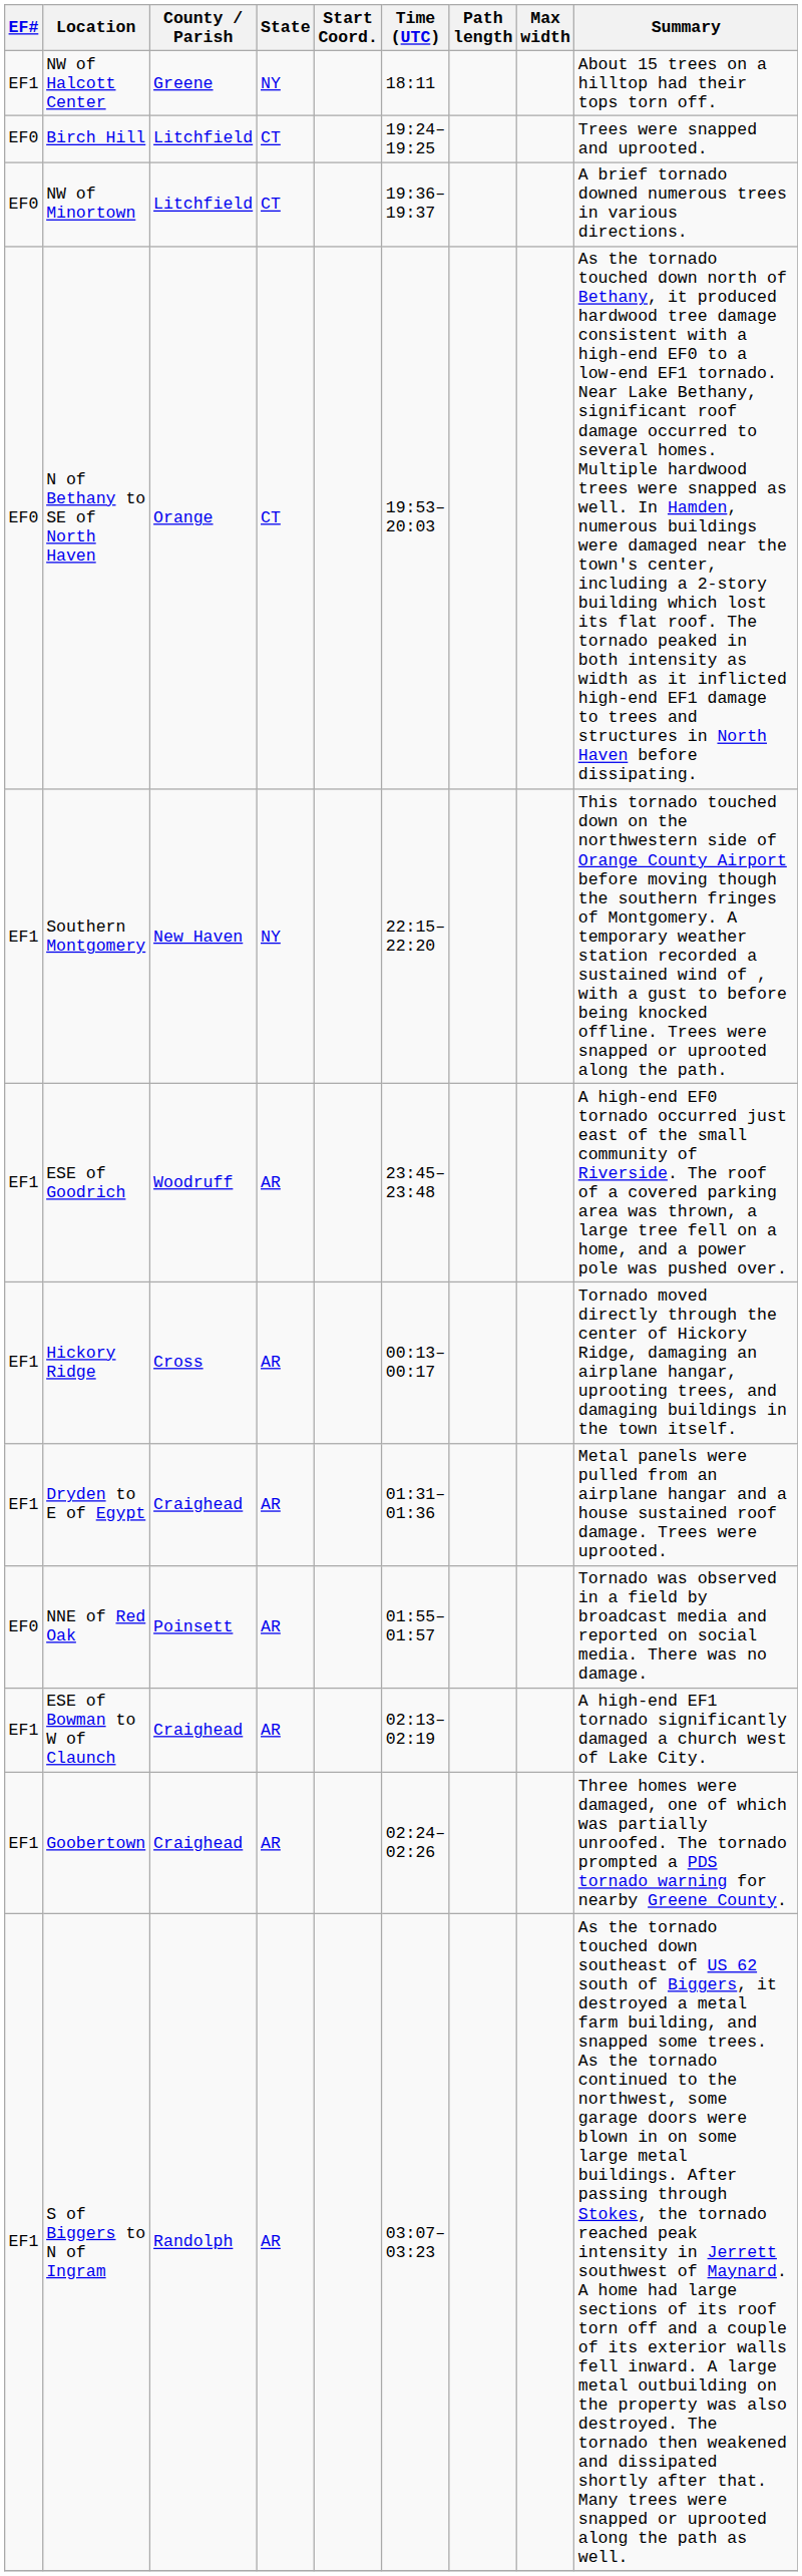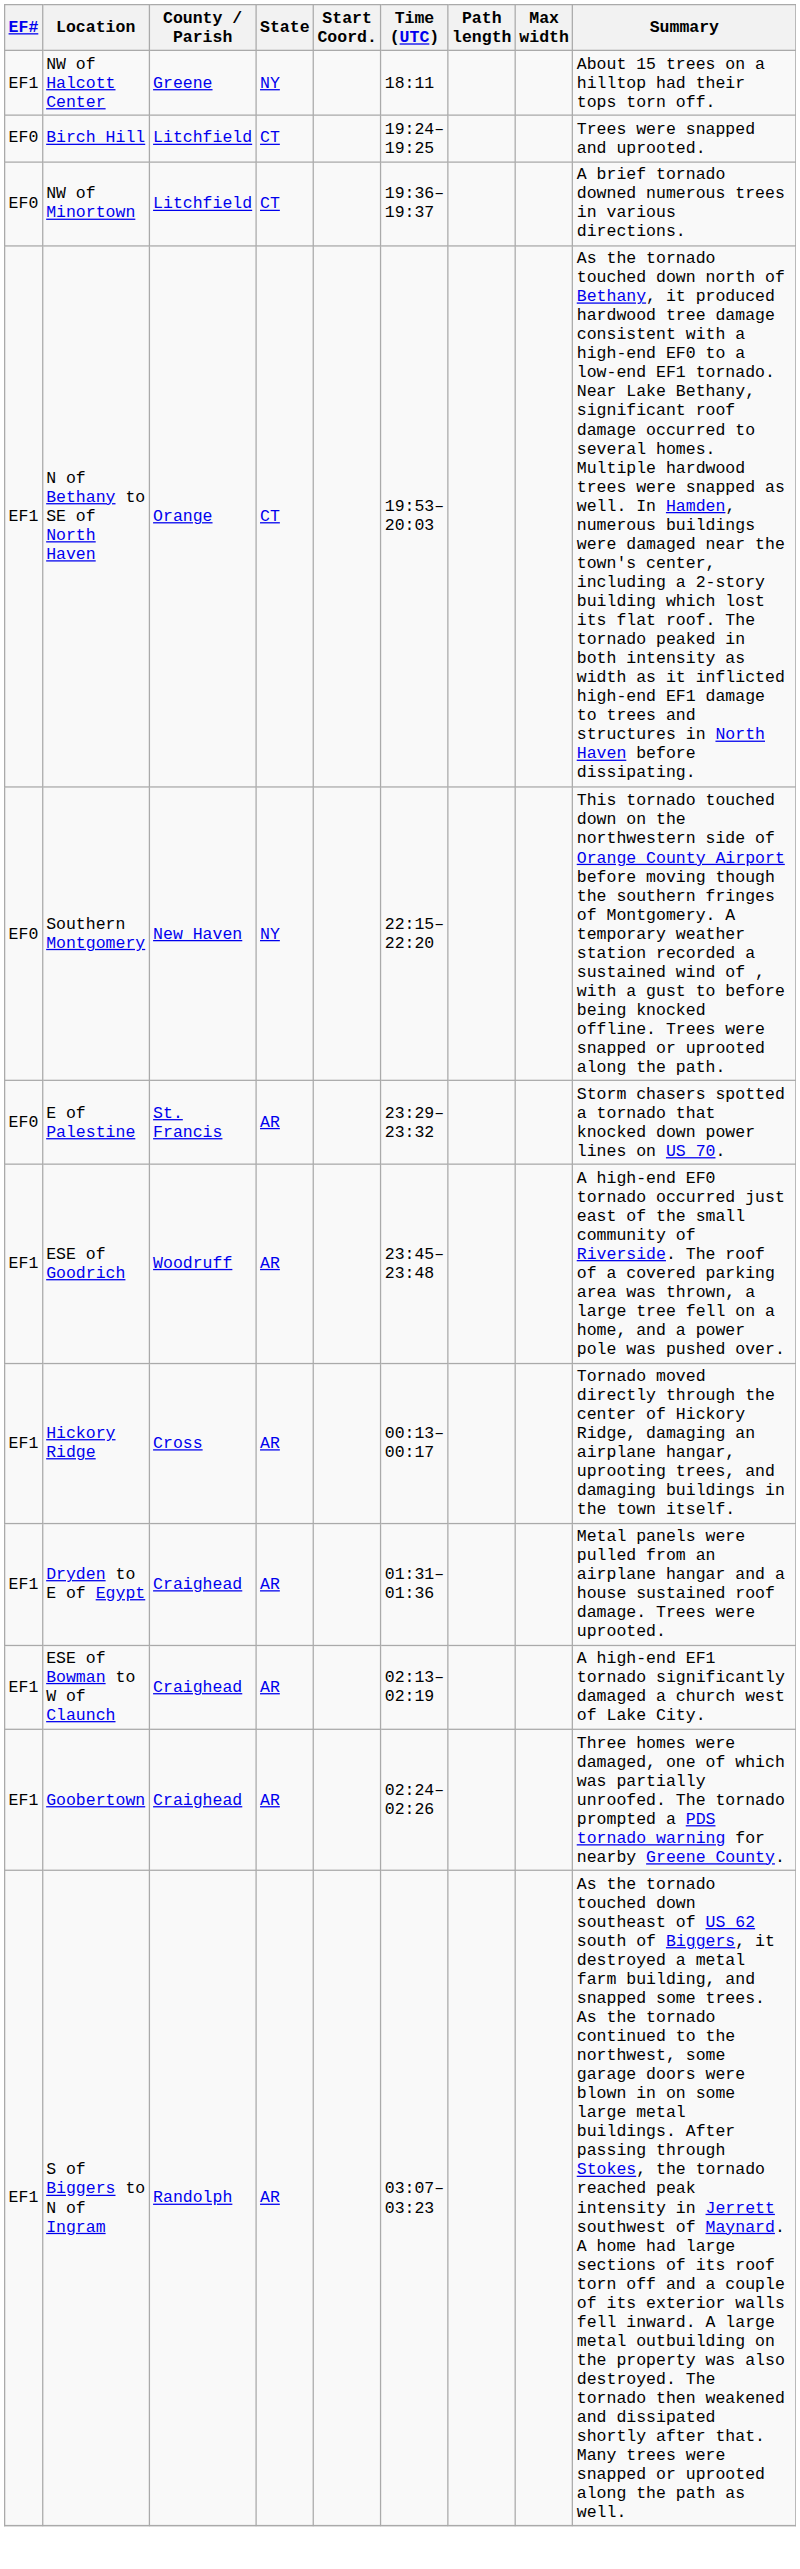 <table class="wikitable sortable" style="width:100%;">
 <tr>
 <th scope="col"  style="width:3%; text-align:center;"><a href='#'>EF#</a></th>
 <th scope="col"  style="width:7%; text-align:center;" class="unsortable">Location</th>
 <th scope="col"  style="width:6%; text-align:center;" class="unsortable">County / Parish</th>
 <th scope="col"  style="width:5%; text-align:center;">State</th>
 <th scope="col"  style="width:6%; text-align:center;">Start Coord.</th>
 <th scope="col"  style="width:6%; text-align:center;">Time (<a href='#'>UTC</a>)</th>
 <th scope="col"  style="width:6%; text-align:center;">Path length</th>
 <th scope="col"  style="width:6%; text-align:center;">Max width</th>
 <th scope="col" class="unsortable" style="width:48%; text-align:center;">Summary</th>
 </tr>
 <tr>
 <td>EF1</td>
 <td>NW of <a href='#'>Halcott Center</a></td>
 <td><a href='#'>Greene</a></td>
 <td><a href='#'>NY</a></td>
 <td></td>
 <td>18:11</td>
 <td></td>
 <td></td>
 <td>About 15 trees on a hilltop had their tops torn off.</td>
 </tr>
 <tr>
 <td>EF0</td>
 <td><a href='#'>Birch Hill</a></td>
 <td><a href='#'>Litchfield</a></td>
 <td><a href='#'>CT</a></td>
 <td></td>
 <td>19:24–19:25</td>
 <td></td>
 <td></td>
 <td>Trees were snapped and uprooted.</td>
 </tr>
 <tr>
 <td>EF0</td>
 <td>NW of <a href='#'>Minortown</a></td>
 <td><a href='#'>Litchfield</a></td>
 <td><a href='#'>CT</a></td>
 <td></td>
 <td>19:36–19:37</td>
 <td></td>
 <td></td>
 <td>A brief tornado downed numerous trees in various directions.</td>
 </tr>
 <tr>
-<td>EF0</td>
+<td>EF1</td>
 <td>N of <a href='#'>Bethany</a> to SE of <a href='#'>North Haven</a></td>
 <td><a href='#'>Orange</a></td>
 <td><a href='#'>CT</a></td>
 <td></td>
 <td>19:53–20:03</td>
 <td></td>
 <td></td>
 <td>As the tornado touched down north of <a href='#'>Bethany</a>, it produced hardwood tree damage consistent with a high-end EF0 to a low-end EF1 tornado. Near Lake Bethany, significant roof damage occurred to several homes. Multiple hardwood trees were snapped as well. In <a href='#'>Hamden</a>, numerous buildings were damaged near the town's center, including a 2-story building which lost its flat roof. The tornado peaked in both intensity as width as it inflicted high-end EF1 damage to trees and structures in <a href='#'>North Haven</a> before dissipating.</td>
 </tr>
 <tr>
-<td>EF1</td>
+<td>EF0</td>
 <td>Southern <a href='#'>Montgomery</a></td>
 <td><a href='#'>New Haven</a></td>
 <td><a href='#'>NY</a></td>
 <td></td>
 <td>22:15–22:20</td>
 <td></td>
 <td></td>
 <td>This tornado touched down on the northwestern side of <a href='#'>Orange County Airport</a> before moving though the southern fringes of Montgomery. A temporary weather station recorded a sustained wind of , with a gust to  before being knocked offline. Trees were snapped or uprooted along the path.</td>
+</tr>
+<tr>
+<td>EF0</td>
+<td>E of <a href='#'>Palestine</a></td>
+<td><a href='#'>St. Francis</a></td>
+<td><a href='#'>AR</a></td>
+<td></td>
+<td>23:29–23:32</td>
+<td></td>
+<td></td>
+<td>Storm chasers spotted a tornado that knocked down power lines on <a href='#'>US 70</a>.</td>
 </tr>
 <tr>
 <td>EF1</td>
 <td>ESE of <a href='#'>Goodrich</a></td>
 <td><a href='#'>Woodruff</a></td>
 <td><a href='#'>AR</a></td>
 <td></td>
 <td>23:45–23:48</td>
 <td></td>
 <td></td>
 <td>A high-end EF0 tornado occurred just east of the small community of <a href='#'>Riverside</a>. The roof of a covered parking area was thrown, a large tree fell on a home, and a power pole was pushed over.</td>
 </tr>
 <tr>
 <td>EF1</td>
 <td><a href='#'>Hickory Ridge</a></td>
 <td><a href='#'>Cross</a></td>
 <td><a href='#'>AR</a></td>
 <td></td>
 <td>00:13–00:17</td>
 <td></td>
 <td></td>
 <td>Tornado moved directly through the center of Hickory Ridge, damaging an airplane hangar, uprooting trees, and damaging buildings in the town itself.</td>
 </tr>
 <tr>
 <td>EF1</td>
 <td><a href='#'>Dryden</a> to E of <a href='#'>Egypt</a></td>
 <td><a href='#'>Craighead</a></td>
 <td><a href='#'>AR</a></td>
 <td></td>
 <td>01:31–01:36</td>
 <td></td>
 <td></td>
 <td>Metal panels were pulled from an airplane hangar and a house sustained roof damage. Trees were uprooted.</td>
-</tr>
-<tr>
-<td>EF0</td>
-<td>NNE of <a href='#'>Red Oak</a></td>
-<td><a href='#'>Poinsett</a></td>
-<td><a href='#'>AR</a></td>
-<td></td>
-<td>01:55–01:57</td>
-<td></td>
-<td></td>
-<td>Tornado was observed in a field by broadcast media and reported on social media. There was no damage.</td>
 </tr>
 <tr>
 <td>EF1</td>
 <td>ESE of <a href='#'>Bowman</a> to W of <a href='#'>Claunch</a></td>
 <td><a href='#'>Craighead</a></td>
 <td><a href='#'>AR</a></td>
 <td></td>
 <td>02:13–02:19</td>
 <td></td>
 <td></td>
 <td>A high-end EF1 tornado significantly damaged a church west of Lake City.</td>
 </tr>
 <tr>
 <td>EF1</td>
 <td><a href='#'>Goobertown</a></td>
 <td><a href='#'>Craighead</a></td>
 <td><a href='#'>AR</a></td>
 <td></td>
 <td>02:24–02:26</td>
 <td></td>
 <td></td>
 <td>Three homes were damaged, one of which was partially unroofed. The tornado prompted a <a href='#'>PDS</a> <a href='#'>tornado warning</a> for nearby <a href='#'>Greene County</a>.</td>
 </tr>
 <tr>
 <td>EF1</td>
 <td>S of <a href='#'>Biggers</a> to N of <a href='#'>Ingram</a></td>
 <td><a href='#'>Randolph</a></td>
 <td><a href='#'>AR</a></td>
 <td></td>
 <td>03:07–03:23</td>
 <td></td>
 <td></td>
 <td>As the tornado touched down southeast of <a href='#'>US 62</a> south of <a href='#'>Biggers</a>, it destroyed a metal farm building, and snapped some trees. As the tornado continued to the northwest, some garage doors were blown in on some large metal buildings. After passing through <a href='#'>Stokes</a>, the tornado reached peak intensity in <a href='#'>Jerrett</a> southwest of <a href='#'>Maynard</a>. A home had large sections of its roof torn off and a couple of its exterior walls fell inward. A large metal outbuilding on the property was also destroyed. The tornado then weakened and dissipated shortly after that. Many trees were snapped or uprooted along the path as well.</td>
 </tr>
 <tr>
 </tr>
 </table>
